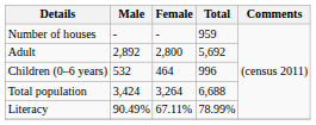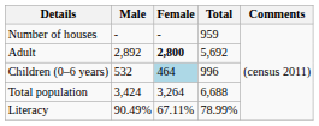 <table class="wikitable sortable">
 <tr>
 <th>Details</th>
 <th>Male</th>
 <th>Female</th>
 <th>Total</th>
 <th>Comments</th>
 </tr>
 <tr>
 <td>Number of houses</td>
 <td>-</td>
 <td>-</td>
 <td>959</td>
 <td rowspan="5">(census 2011) </td>
 </tr>
 <tr>
 <td>Adult</td>
 <td>2,892</td>
-<td>2,800</td>
+<td><strong>2,800</strong></td>
 <td>5,692</td>
 </tr>
 <tr>
 <td>Children (0–6 years)</td>
 <td>532</td>
-<td>464</td>
+<td style="background: lightblue;">464</td>
 <td>996</td>
 </tr>
 <tr>
 <td>Total population</td>
 <td>3,424</td>
 <td>3,264</td>
 <td>6,688</td>
 </tr>
 <tr>
 <td>Literacy</td>
 <td>90.49%</td>
 <td>67.11%</td>
 <td>78.99%</td>
 </tr>
 <tr>
 </tr>
 </table>
